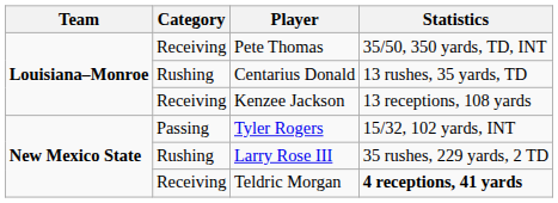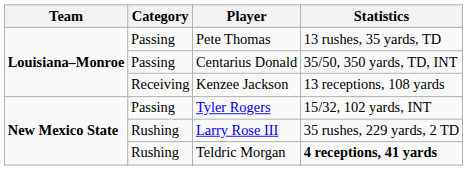 <table class="wikitable" style="float: left;">
 <tr>
 <th>Team</th>
 <th>Category</th>
 <th>Player</th>
 <th>Statistics</th>
 </tr>
 <tr>
 <td rowspan=3><strong>Louisiana–Monroe</strong></td>
-<td>Receiving</td>
+<td>Passing</td>
 <td>Pete Thomas</td>
-<td>35/50, 350 yards, TD, INT</td>
+<td>13 rushes, 35 yards, TD</td>
 </tr>
 <tr>
-<td>Rushing</td>
+<td>Passing</td>
 <td>Centarius Donald</td>
-<td>13 rushes, 35 yards, TD</td>
+<td>35/50, 350 yards, TD, INT</td>
 </tr>
 <tr>
 <td>Receiving</td>
 <td>Kenzee Jackson</td>
 <td>13 receptions, 108 yards</td>
 </tr>
 <tr>
 <td rowspan=3><strong>New Mexico State</strong></td>
 <td>Passing</td>
 <td><a href='#'>Tyler Rogers</a></td>
 <td>15/32, 102 yards, INT</td>
 </tr>
 <tr>
 <td>Rushing</td>
 <td><a href='#'>Larry Rose III</a></td>
 <td>35 rushes, 229 yards, 2 TD</td>
 </tr>
 <tr>
-<td>Receiving</td>
+<td>Rushing</td>
 <td>Teldric Morgan</td>
 <td><strong>4 receptions, 41 yards</strong></td>
 </tr>
 </table>
